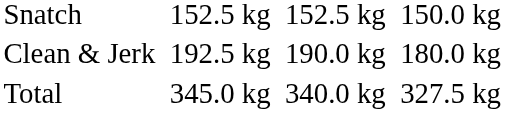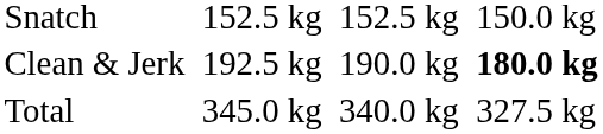 <table>
 <tr>
 <td>Snatch</td>
 <td></td>
 <td>152.5 kg</td>
 <td></td>
 <td>152.5 kg</td>
 <td></td>
 <td>150.0 kg</td>
 </tr>
 <tr>
 <td>Clean & Jerk</td>
 <td></td>
 <td>192.5 kg</td>
 <td></td>
 <td>190.0 kg</td>
 <td></td>
-<td>180.0 kg</td>
+<td><strong>180.0 kg</strong></td>
 </tr>
 <tr>
 <td>Total</td>
 <td></td>
 <td>345.0 kg</td>
 <td></td>
 <td>340.0 kg</td>
 <td></td>
 <td>327.5 kg</td>
 </tr>
 </table>
